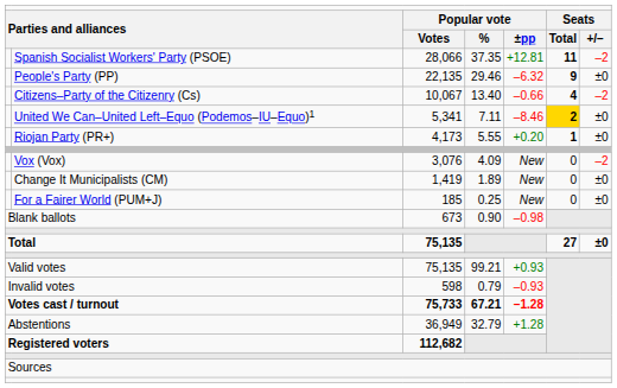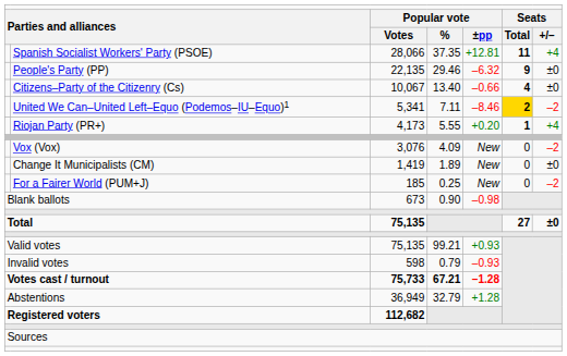 <table class="wikitable" style="text-align:right;">
 <tr>
 <td colspan="7"></td>
 </tr>
 <tr>
 <th style="text-align:left;" rowspan="2" colspan="2" width="525">Parties and alliances</th>
 <th colspan="3">Popular vote</th>
 <th colspan="2">Seats</th>
 </tr>
 <tr>
 <th width="75">Votes</th>
 <th width="45">%</th>
 <th width="45">±<a href='#'>pp</a></th>
 <th width="35">Total</th>
 <th width="35">+/−</th>
 </tr>
 <tr>
 <td width="1" style="color:inherit;background:"></td>
 <td align="left"><a href='#'>Spanish Socialist Workers' Party</a> (PSOE)</td>
 <td>28,066</td>
 <td>37.35</td>
 <td style="color:green;">+12.81</td>
 <td><strong>11</strong></td>
-<td style="color:red;">–2</td>
+<td style="color:green;">+4</td>
 </tr>
 <tr>
 <td style="color:inherit;background:"></td>
 <td align="left"><a href='#'>People's Party</a> (PP)</td>
 <td>22,135</td>
 <td>29.46</td>
 <td style="color:red;">–6.32</td>
 <td><strong>9</strong></td>
 <td>±0</td>
 </tr>
 <tr>
 <td style="color:inherit;background:"></td>
 <td align="left"><a href='#'>Citizens–Party of the Citizenry</a> (Cs)</td>
 <td>10,067</td>
 <td>13.40</td>
 <td style="color:red;">–0.66</td>
 <td><strong>4</strong></td>
-<td style="color:red;">–2</td>
+<td>±0</td>
 </tr>
 <tr>
 <td style="color:inherit;background:"></td>
 <td align="left"><a href='#'>United We Can–United Left–Equo</a> (<a href='#'>Podemos</a>–<a href='#'>IU</a>–<a href='#'>Equo</a>)<sup>1</sup></td>
 <td>5,341</td>
 <td>7.11</td>
 <td style="color:red;">–8.46</td>
 <td style="background: gold;"><strong>2</strong></td>
-<td>±0</td>
+<td style="color:red;">–2</td>
 </tr>
 <tr>
 <td style="color:inherit;background:"></td>
 <td align="left"><a href='#'>Riojan Party</a> (PR+)</td>
 <td>4,173</td>
 <td>5.55</td>
 <td style="color:green;">+0.20</td>
 <td><strong>1</strong></td>
-<td>±0</td>
+<td style="color:green;">+4</td>
 </tr>
 <tr>
 <td colspan="7" bgcolor="#C0C0C0"></td>
 </tr>
 <tr>
 <td style="color:inherit;background:"></td>
 <td align="left"><a href='#'>Vox</a> (Vox)</td>
 <td>3,076</td>
 <td>4.09</td>
 <td><em>New</em></td>
 <td>0</td>
 <td style="color:red;">–2</td>
 </tr>
 <tr>
 <td style="color:inherit;background:"></td>
 <td align="left">Change It Municipalists (CM)</td>
 <td>1,419</td>
 <td>1.89</td>
 <td><em>New</em></td>
 <td>0</td>
 <td>±0</td>
 </tr>
 <tr>
 <td style="color:inherit;background:"></td>
 <td align="left"><a href='#'>For a Fairer World</a> (PUM+J)</td>
 <td>185</td>
 <td>0.25</td>
 <td><em>New</em></td>
 <td>0</td>
-<td>±0</td>
+<td style="color:red;">–2</td>
 </tr>
 <tr>
 <td align="left" colspan="2">Blank ballots</td>
 <td>673</td>
 <td>0.90</td>
 <td style="color:red;">–0.98</td>
 <td bgcolor="#E9E9E9" colspan="2"></td>
 </tr>
 <tr>
 <td colspan="7" bgcolor="#E9E9E9"></td>
 </tr>
 <tr style="font-weight:bold;">
 <td align="left" colspan="2">Total</td>
 <td>75,135</td>
 <td bgcolor="#E9E9E9" colspan="2"></td>
 <td>27</td>
 <td>±0</td>
 </tr>
 <tr>
 <td colspan="7" bgcolor="#E9E9E9"></td>
 </tr>
 <tr>
 <td align="left" colspan="2">Valid votes</td>
 <td>75,135</td>
 <td>99.21</td>
 <td style="color:green;">+0.93</td>
 <td bgcolor="#E9E9E9" colspan="2" rowspan="5"></td>
 </tr>
 <tr>
 <td align="left" colspan="2">Invalid votes</td>
 <td>598</td>
 <td>0.79</td>
 <td style="color:red;">–0.93</td>
 </tr>
 <tr style="font-weight:bold;">
 <td align="left" colspan="2">Votes cast / turnout</td>
 <td>75,733</td>
 <td>67.21</td>
 <td style="color:red;">–1.28</td>
 </tr>
 <tr>
 <td align="left" colspan="2">Abstentions</td>
 <td>36,949</td>
 <td>32.79</td>
 <td style="color:green;">+1.28</td>
 </tr>
 <tr style="font-weight:bold;">
 <td align="left" colspan="2">Registered voters</td>
 <td>112,682</td>
 <td bgcolor="#E9E9E9" colspan="2"></td>
 </tr>
 <tr>
 <td colspan="7" bgcolor="#E9E9E9"></td>
 </tr>
 <tr>
 <td align="left" colspan="7">Sources</td>
 </tr>
 <tr>
 <td colspan="7" style="text-align:left; max-width:790px;"></td>
 </tr>
 </table>
